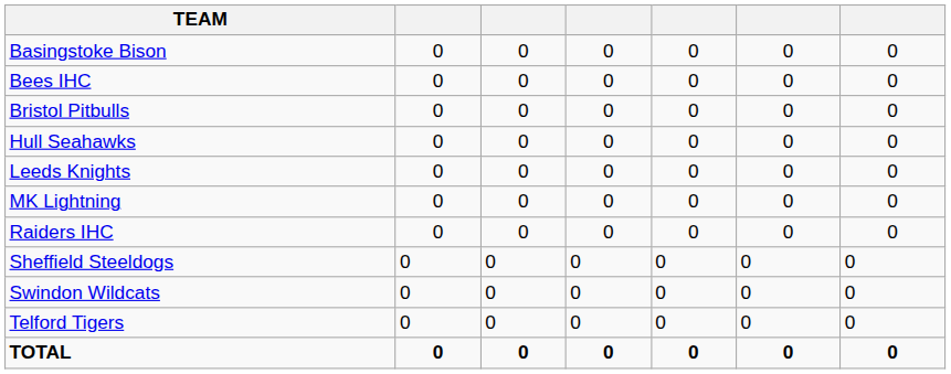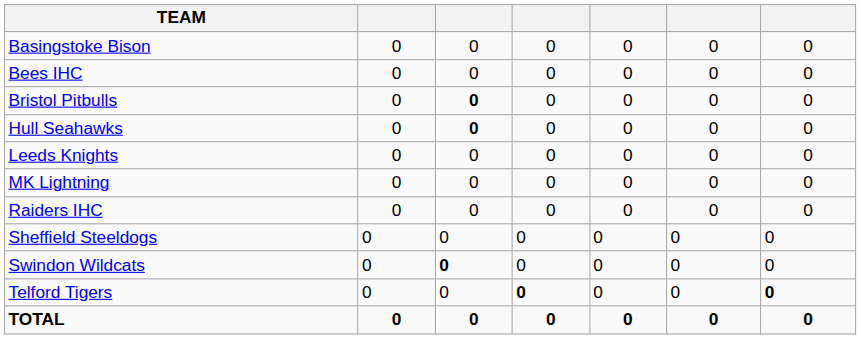 <table class="wikitable sortable">
 <tr>
 <th style="width:20em;" class="unsortable">TEAM</th>
 <th style="width:4em;"></th>
 <th style="width:4em;"></th>
 <th style="width:4em;"></th>
 <th style="width:4em;"></th>
 <th style="width:5em;"></th>
 <th style="width:5em;"></th>
 </tr>
 <tr style="text-align: center;" style="background: ">
 <td style="text-align:left;"><a href='#'>Basingstoke Bison</a></td>
 <td>0</td>
 <td>0</td>
 <td>0</td>
 <td>0</td>
 <td>0</td>
 <td>0</td>
 </tr>
 <tr style="text-align: center;" style="background: ">
 <td style="text-align:left;"><a href='#'>Bees IHC</a></td>
 <td>0</td>
 <td>0</td>
 <td>0</td>
 <td>0</td>
 <td>0</td>
 <td>0</td>
 </tr>
 <tr style="text-align: center;" style="background: ">
 <td style="text-align:left;"><a href='#'>Bristol Pitbulls</a></td>
 <td>0</td>
-<td>0</td>
+<td><strong>0</strong></td>
 <td>0</td>
 <td>0</td>
 <td>0</td>
 <td>0</td>
 </tr>
 <tr style="text-align: center;" style="background: ">
 <td style="text-align:left;"><a href='#'>Hull Seahawks</a></td>
 <td>0</td>
-<td>0</td>
+<td><strong>0</strong></td>
 <td>0</td>
 <td>0</td>
 <td>0</td>
 <td>0</td>
 </tr>
 <tr style="text-align: center;" style="background: ">
 <td style="text-align:left;"><a href='#'>Leeds Knights</a></td>
 <td>0</td>
 <td>0</td>
 <td>0</td>
 <td>0</td>
 <td>0</td>
 <td>0</td>
 </tr>
 <tr style="text-align: center;" style="background: ">
 <td style="text-align:left;"><a href='#'>MK Lightning</a></td>
 <td>0</td>
 <td>0</td>
 <td>0</td>
 <td>0</td>
 <td>0</td>
 <td>0</td>
 </tr>
 <tr style="text-align: center;" style="background: ">
 <td style="text-align:left;"><a href='#'>Raiders IHC</a></td>
 <td>0</td>
 <td>0</td>
 <td>0</td>
 <td>0</td>
 <td>0</td>
 <td>0</td>
 </tr>
 <tr style="background: ">
 <td style="text-align:left;"><a href='#'>Sheffield Steeldogs</a></td>
 <td>0</td>
 <td>0</td>
 <td>0</td>
 <td>0</td>
 <td>0</td>
 <td>0</td>
 </tr>
 <tr style="background: ">
 <td style="text-align:left;"><a href='#'>Swindon Wildcats</a></td>
 <td>0</td>
-<td>0</td>
+<td><strong>0</strong></td>
 <td>0</td>
 <td>0</td>
 <td>0</td>
 <td ->0</td>
 </tr>
 <tr style="background: ">
 <td style="text-align:left;"><a href='#'>Telford Tigers</a></td>
 <td>0</td>
 <td>0</td>
+<td><strong>0</strong></td>
 <td>0</td>
 <td>0</td>
-<td>0</td>
-<td ->0</td>
+<td -><strong>0</strong></td>
 </tr>
 <tr style="text-align: center;" style="background: ">
 <td style="text-align:left;"><strong>TOTAL</strong></td>
 <td><strong>0</strong></td>
 <td><strong>0</strong></td>
 <td><strong>0</strong></td>
 <td><strong>0</strong></td>
 <td><strong>0</strong></td>
 <td -><strong>0</strong></td>
 </tr>
 </table>
